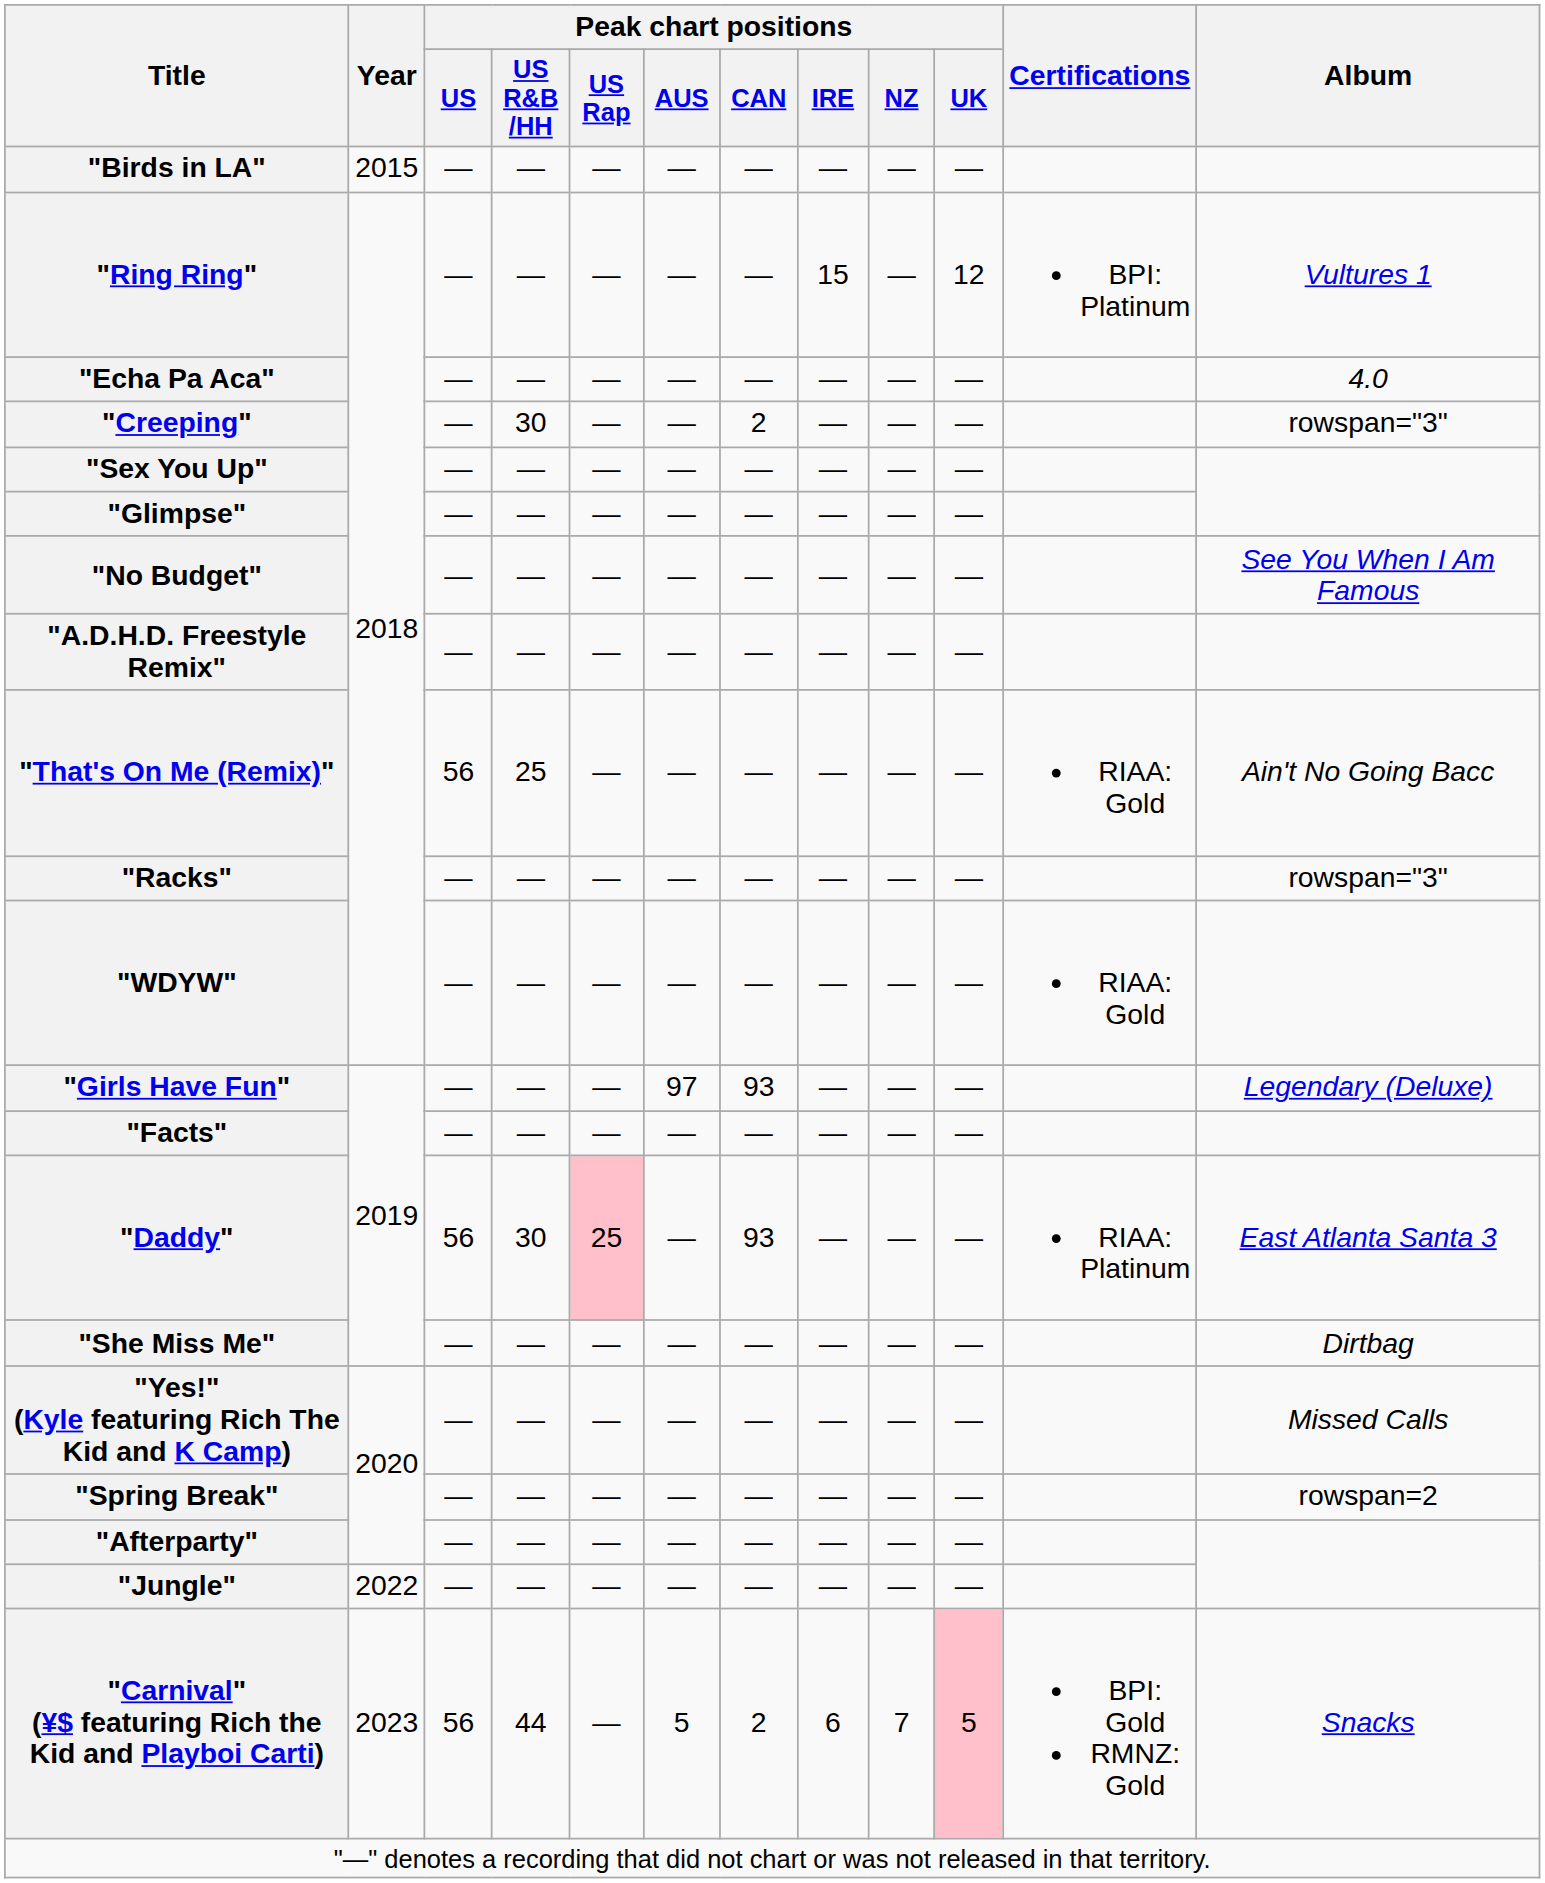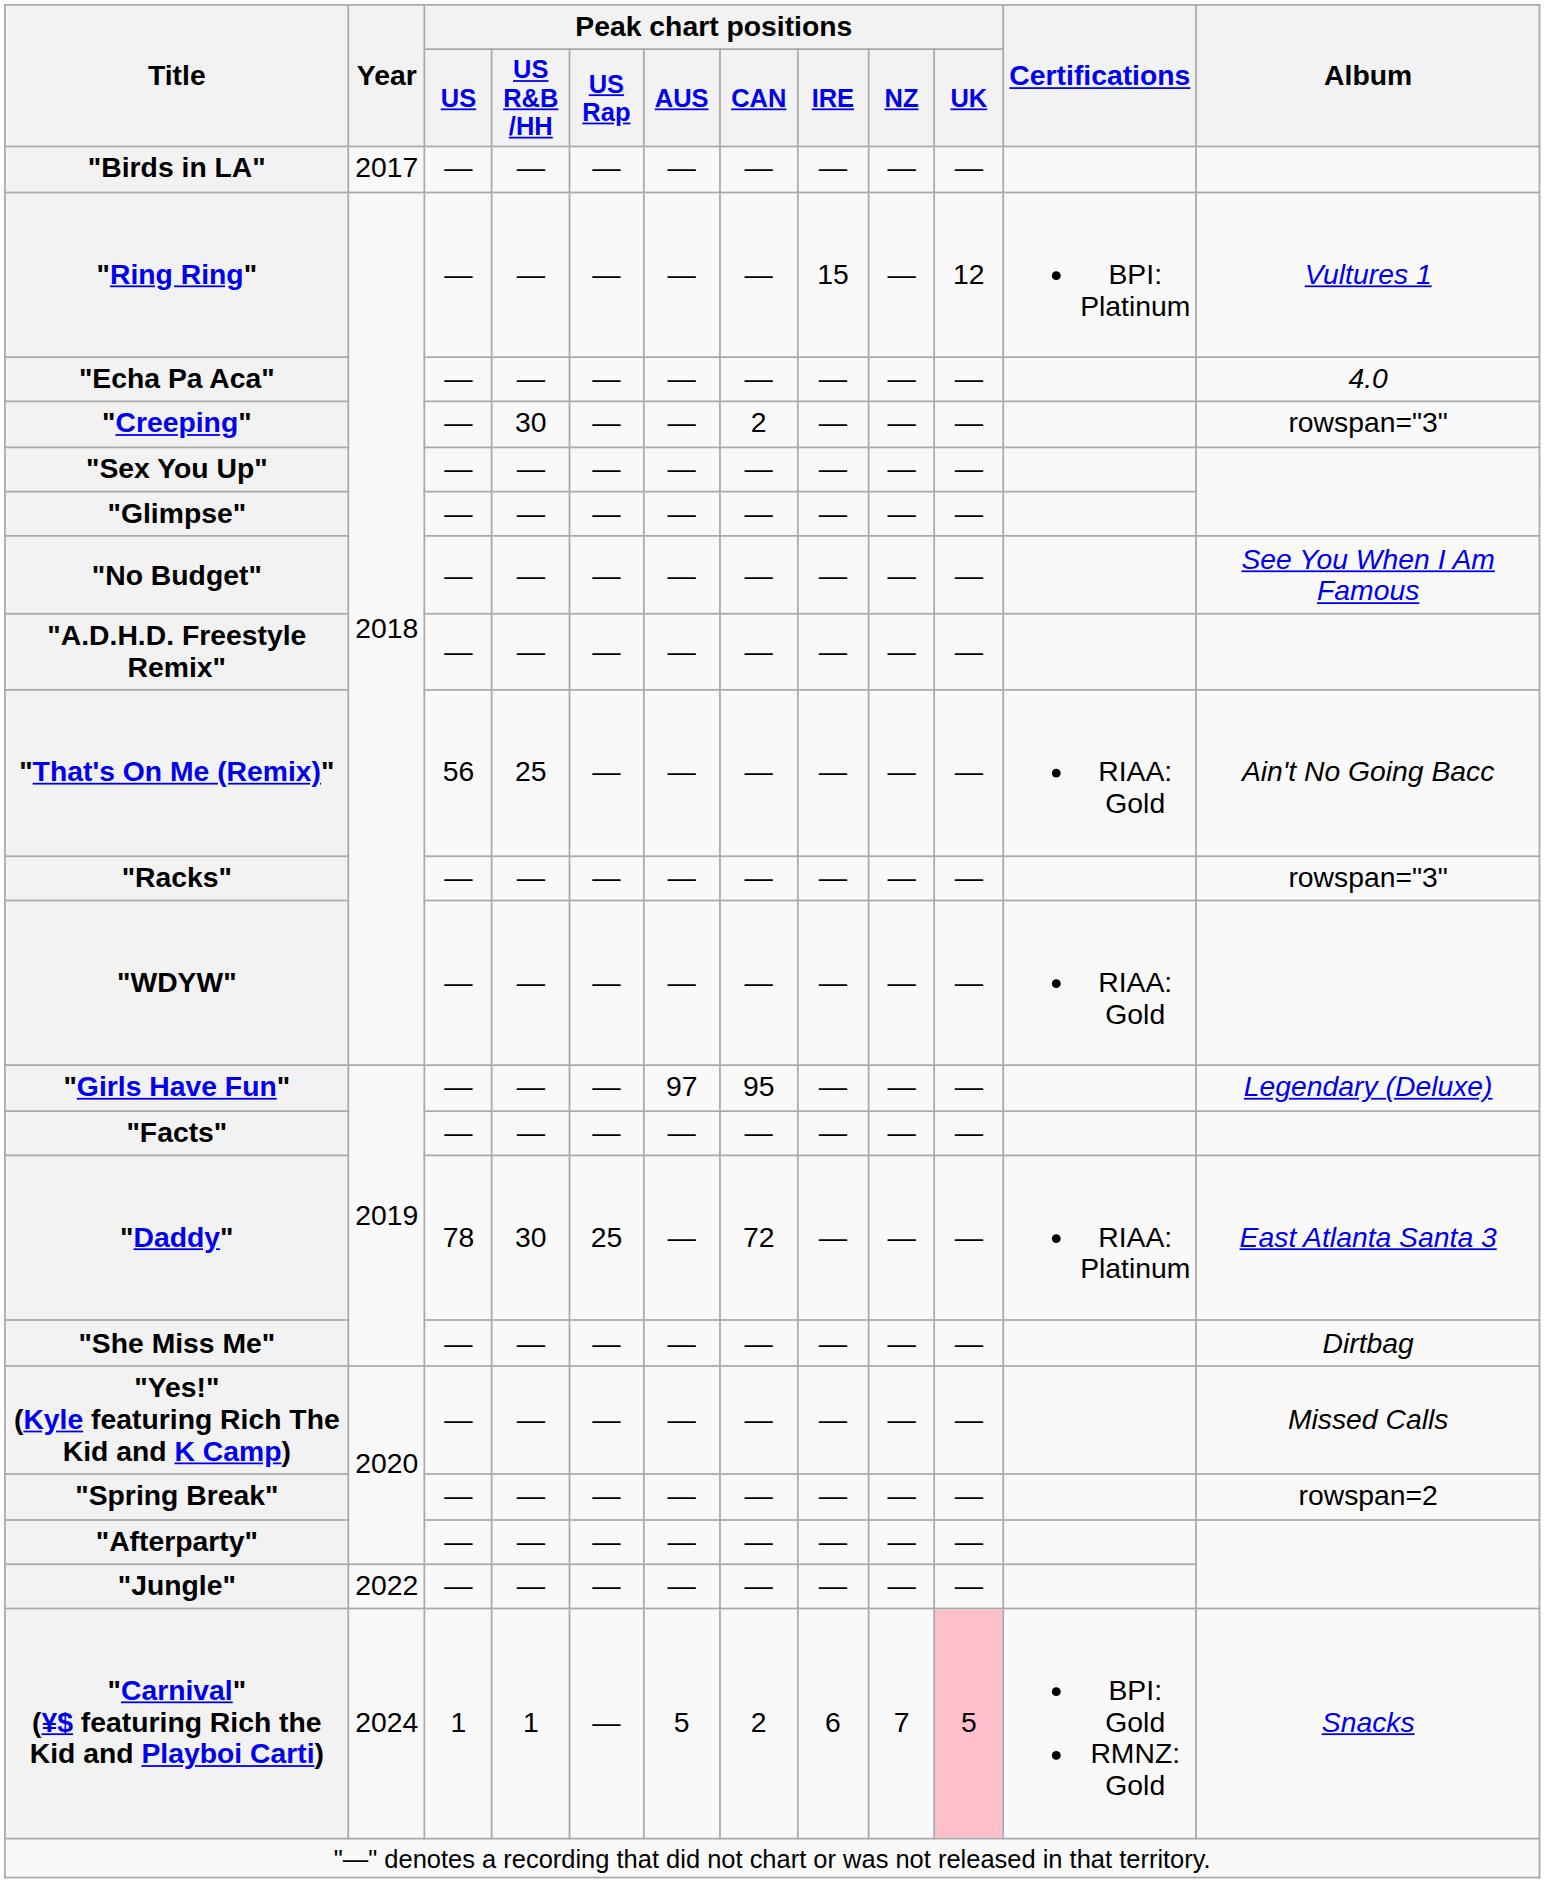 <table class="wikitable plainrowheaders" style="text-align:center;">
 <tr>
 <th scope="col" rowspan="2" style="width:18em;">Title</th>
 <th scope="col" rowspan="2" style="width:1em;">Year</th>
 <th scope="col" colspan="8">Peak chart positions</th>
 <th scope="col" rowspan="2"><a href='#'>Certifications</a></th>
 <th scope="col" rowspan="2" style="width:18em;">Album</th>
 </tr>
 <tr>
 <th scope="col" style="width:3em;font-size:90%;"><a href='#'>US</a><br></th>
 <th scope="col" style="width:3em;font-size:90%;"><a href='#'>US<br>R&B<br>/HH</a><br></th>
 <th scope="col" style="width:3em;font-size:90%;"><a href='#'>US<br>Rap</a><br></th>
 <th scope="col" style="width:3em;font-size:90%;"><a href='#'>AUS</a><br></th>
 <th scope="col" style="width:3em;font-size:90%;"><a href='#'>CAN</a><br></th>
 <th scope="col" style="width:3em;font-size:90%;"><a href='#'>IRE</a><br></th>
 <th scope="col" style="width:3em;font-size:90%;"><a href='#'>NZ</a><br></th>
 <th scope="col" style="width:3em;font-size:90%;"><a href='#'>UK</a><br></th>
 </tr>
 <tr>
 <th scope="row">"Birds in LA"<br></th>
-<td>2015</td>
+<td>2017</td>
 <td>—</td>
 <td>—</td>
 <td>—</td>
 <td>—</td>
 <td>—</td>
 <td>—</td>
 <td>—</td>
 <td>—</td>
 <td></td>
 <td></td>
 </tr>
 <tr>
 <th scope="row">"<a href='#'>Ring Ring</a>"<br></th>
 <td rowspan="10">2018</td>
 <td>—</td>
 <td>—</td>
 <td>—</td>
 <td>—</td>
 <td>—</td>
 <td>15</td>
 <td>—</td>
 <td>12</td>
 <td><br><ul><li>BPI: Platinum</li></ul></td>
 <td><em><a href='#'>Vultures 1</a></em></td>
 </tr>
 <tr>
 <th scope="row">"Echa Pa Aca"<br></th>
 <td>—</td>
 <td>—</td>
 <td>—</td>
 <td>—</td>
 <td>—</td>
 <td>—</td>
 <td>—</td>
 <td>—</td>
 <td></td>
 <td><em>4.0</em></td>
 </tr>
 <tr>
 <th RIAA: Gold scope="row">"<a href='#'>Creeping</a>"<br></th>
 <td>—</td>
 <td>30</td>
 <td>—</td>
 <td>—</td>
 <td>2</td>
 <td>—</td>
 <td>—</td>
 <td>—</td>
 <td></td>
 <td>rowspan="3" </td>
 </tr>
 <tr>
 <th scope="row">"Sex You Up"<br></th>
 <td>—</td>
 <td>—</td>
 <td>—</td>
 <td>—</td>
 <td>—</td>
 <td>—</td>
 <td>—</td>
 <td>—</td>
 <td></td>
 </tr>
 <tr>
 <th scope="row">"Glimpse"<br></th>
 <td>—</td>
 <td>—</td>
 <td>—</td>
 <td>—</td>
 <td>—</td>
 <td>—</td>
 <td>—</td>
 <td>—</td>
 <td></td>
 </tr>
 <tr>
 <th scope="row">"No Budget"<br></th>
 <td>—</td>
 <td>—</td>
 <td>—</td>
 <td>—</td>
 <td>—</td>
 <td>—</td>
 <td>—</td>
 <td>—</td>
 <td></td>
 <td><em><a href='#'>See You When I Am Famous</a></em></td>
 </tr>
 <tr>
 <th scope="row">"A.D.H.D. Freestyle Remix"<br></th>
 <td>—</td>
 <td>—</td>
 <td>—</td>
 <td>—</td>
 <td>—</td>
 <td>—</td>
 <td>—</td>
 <td>—</td>
 <td></td>
 <td></td>
 </tr>
 <tr>
 <th scope="row">"<a href='#'>That's On Me (Remix)</a>"<br></th>
 <td>56</td>
 <td>25</td>
 <td>—</td>
 <td>—</td>
 <td>—</td>
 <td>—</td>
 <td>—</td>
 <td>—</td>
 <td><br><ul><li>RIAA: Gold</li></ul></td>
 <td><em>Ain't No Going Bacc</em></td>
 </tr>
 <tr>
 <th scope="row">"Racks"<br></th>
 <td>—</td>
 <td>—</td>
 <td>—</td>
 <td>—</td>
 <td>—</td>
 <td>—</td>
 <td>—</td>
 <td>—</td>
 <td></td>
 <td>rowspan="3" </td>
 </tr>
 <tr>
 <th scope="row">"WDYW"<br></th>
 <td>—</td>
 <td>—</td>
 <td>—</td>
 <td>—</td>
 <td>—</td>
 <td>—</td>
 <td>—</td>
 <td>—</td>
 <td><br><ul><li>RIAA: Gold</li></ul></td>
 </tr>
 <tr>
 <th scope="row">"<a href='#'>Girls Have Fun</a>"<br></th>
 <td rowspan="4">2019</td>
 <td>—</td>
 <td>—</td>
 <td>—</td>
 <td>97</td>
-<td>93</td>
+<td>95</td>
 <td>—</td>
 <td>—</td>
 <td>—</td>
 <td></td>
 <td><em><a href='#'>Legendary (Deluxe)</a></em></td>
 </tr>
 <tr>
 <th scope="row">"Facts"<br></th>
 <td>—</td>
 <td>—</td>
 <td>—</td>
 <td>—</td>
 <td>—</td>
 <td>—</td>
 <td>—</td>
 <td>—</td>
 <td></td>
 <td></td>
 </tr>
 <tr>
 <th scope="row">"<a href='#'>Daddy</a>"<br></th>
-<td>56</td>
+<td>78</td>
 <td>30</td>
-<td style="background: pink;">25</td>
+<td>25</td>
 <td>—</td>
-<td>93</td>
+<td>72</td>
 <td>—</td>
 <td>—</td>
 <td>—</td>
 <td><br><ul><li>RIAA: Platinum</li></ul></td>
 <td><em><a href='#'>East Atlanta Santa 3</a></em></td>
 </tr>
 <tr>
 <th scope="row">"She Miss Me"<br></th>
 <td>—</td>
 <td>—</td>
 <td>—</td>
 <td>—</td>
 <td>—</td>
 <td>—</td>
 <td>—</td>
 <td>—</td>
 <td></td>
 <td><em>Dirtbag</em></td>
 </tr>
 <tr>
 <th scope="row">"Yes!"<br><span>(<a href='#'>Kyle</a> featuring Rich The Kid and <a href='#'>K Camp</a>)</span></th>
 <td rowspan="3">2020</td>
 <td>—</td>
 <td>—</td>
 <td>—</td>
 <td>—</td>
 <td>—</td>
 <td>—</td>
 <td>—</td>
 <td>—</td>
 <td></td>
 <td><em>Missed Calls</em></td>
 </tr>
 <tr>
 <th scope="row">"Spring Break"<br></th>
 <td>—</td>
 <td>—</td>
 <td>—</td>
 <td>—</td>
 <td>—</td>
 <td>—</td>
 <td>—</td>
 <td>—</td>
 <td></td>
 <td>rowspan=2 </td>
 </tr>
 <tr>
 <th scope="row">"Afterparty"<br></th>
 <td>—</td>
 <td>—</td>
 <td>—</td>
 <td>—</td>
 <td>—</td>
 <td>—</td>
 <td>—</td>
 <td>—</td>
 <td></td>
 </tr>
 <tr>
 <th scope="row">"Jungle"<br></th>
 <td>2022</td>
 <td>—</td>
 <td>—</td>
 <td>—</td>
 <td>—</td>
 <td>—</td>
 <td>—</td>
 <td>—</td>
 <td>—</td>
 <td></td>
 </tr>
 <tr>
 <th scope="row">"<a href='#'>Carnival</a>"<br><span>(<a href='#'>¥$</a> featuring Rich the Kid and <a href='#'>Playboi Carti</a>)</span></th>
-<td>2023</td>
-<td>56</td>
-<td>44</td>
+<td>2024</td>
+<td>1</td>
+<td>1</td>
 <td>—</td>
 <td>5</td>
 <td>2</td>
 <td>6</td>
 <td>7</td>
 <td style="background: pink;">5</td>
 <td><br><ul><li>BPI: Gold</li><li>RMNZ: Gold</li></ul></td>
 <td><em><a href='#'>Snacks</a></em></td>
 </tr>
 <tr>
 <td colspan="14" style="font-size:90%">"—" denotes a recording that did not chart or was not released in that territory.</td>
 </tr>
 </table>
